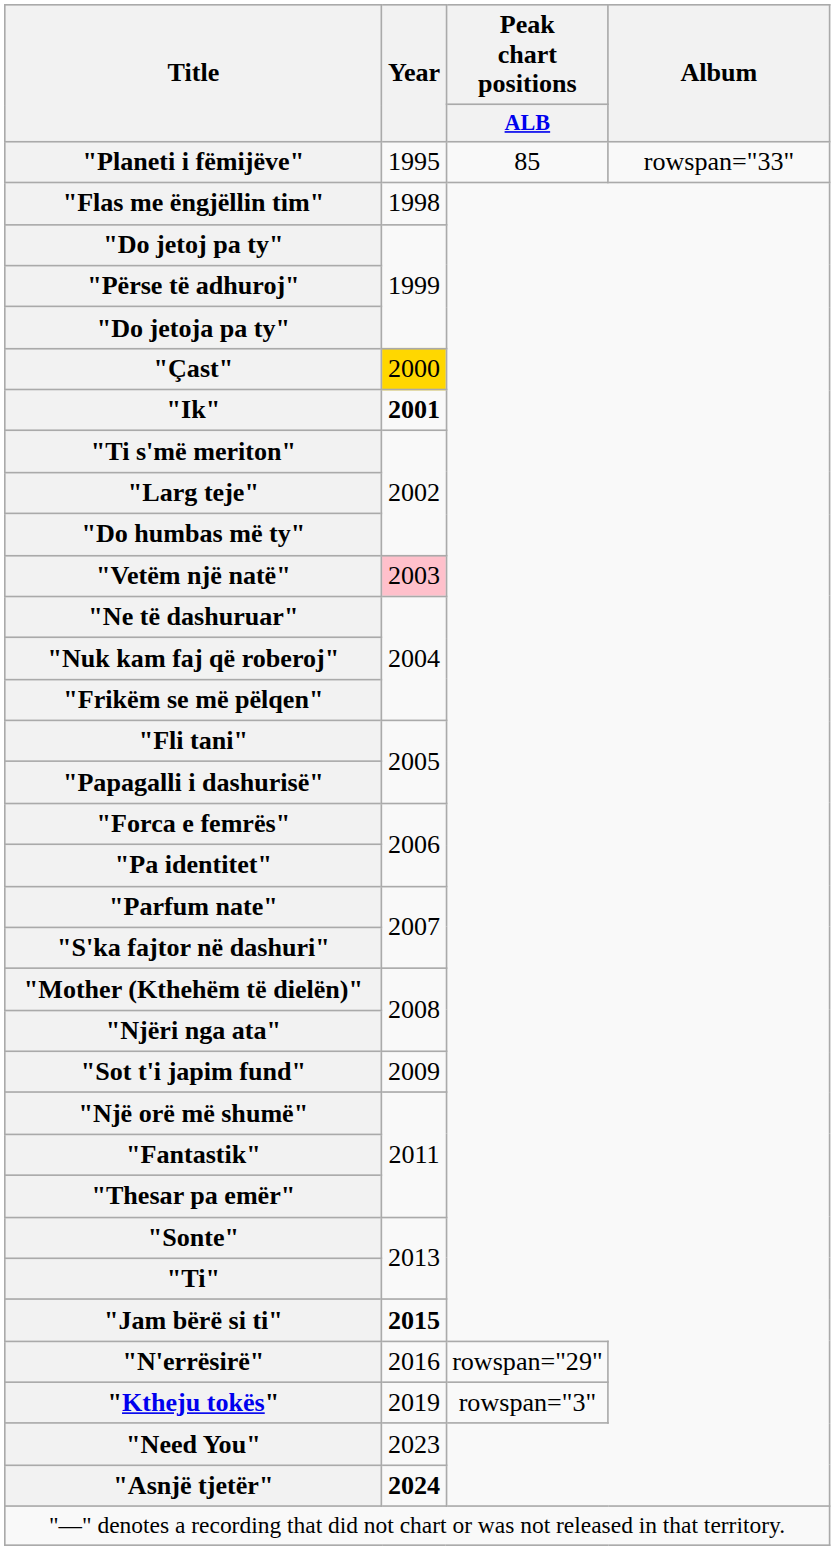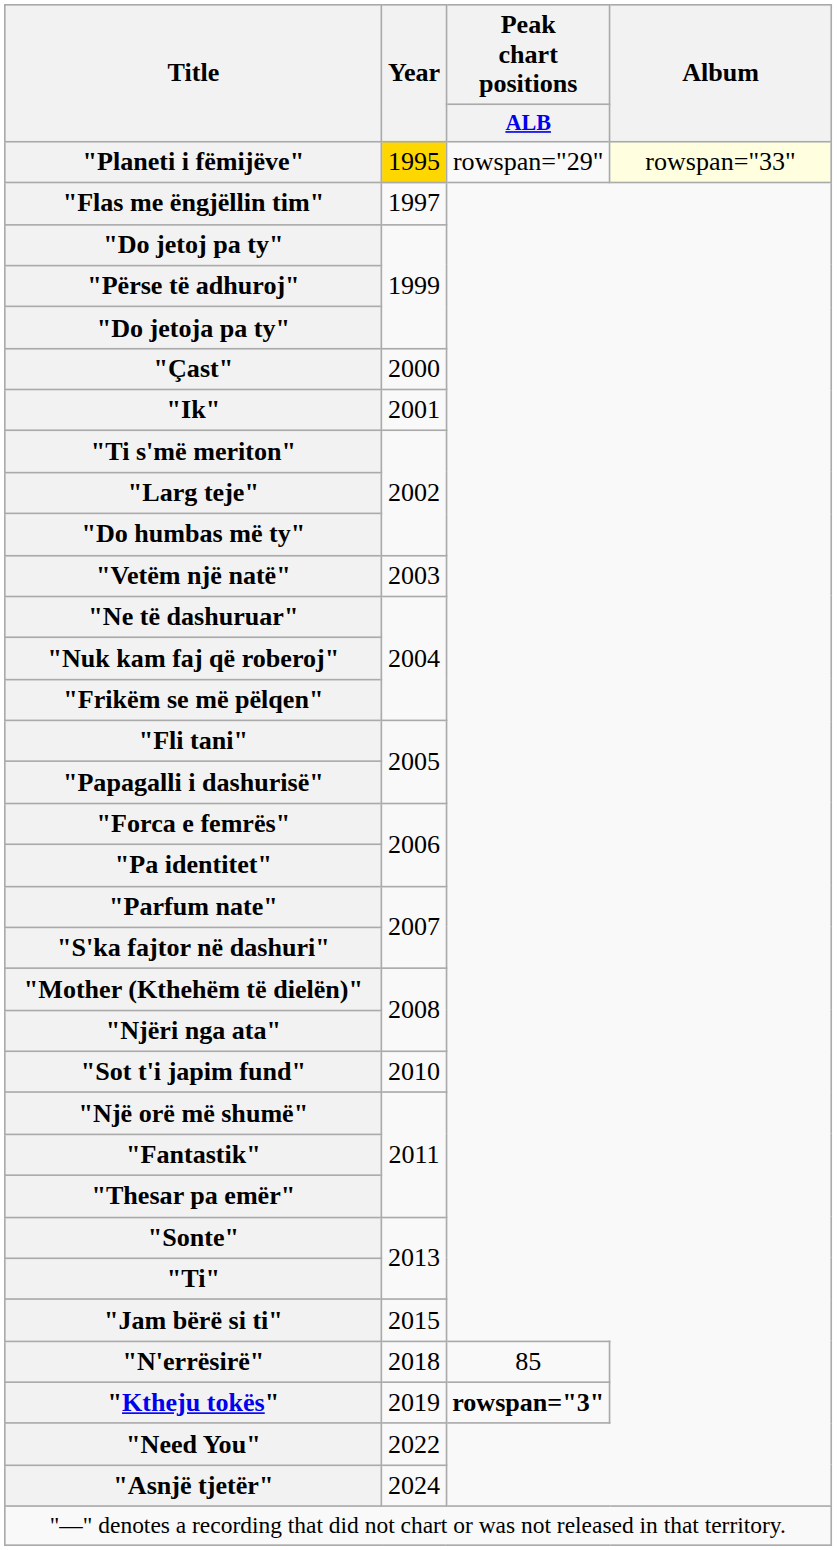 <table class="wikitable plainrowheaders" style="text-align:center;">
 <tr>
 <th scope="col" rowspan="2" style="width:14em;">Title</th>
 <th scope="col" rowspan="2" style="width:2em;">Year</th>
 <th scope="col" colspan="1">Peak<br>chart<br>positions</th>
 <th scope="col" rowspan="2" style="width:8em;">Album</th>
 </tr>
 <tr>
 <th scope="col" style="width:3em;font-size:85%;"><a href='#'>ALB</a><br></th>
 </tr>
 <tr>
 <th scope="row">"Planeti i fëmijëve"<br></th>
-<td>1995</td>
-<td>85</td>
-<td>rowspan="33" </td>
+<td style="background: gold;">1995</td>
+<td>rowspan="29" </td>
+<td style="background: lightyellow;">rowspan="33" </td>
 </tr>
 <tr>
 <th scope="row">"Flas me ëngjëllin tim"<br></th>
-<td>1998</td>
+<td>1997</td>
 </tr>
 <tr>
 <th scope="row">"Do jetoj pa ty"</th>
 <td rowspan="3">1999</td>
 </tr>
 <tr>
 <th scope="row">"Përse të adhuroj"</th>
 </tr>
 <tr>
 <th scope="row">"Do jetoja pa ty"</th>
 </tr>
 <tr>
 <th scope="row">"Çast"</th>
-<td style="background: gold;">2000</td>
+<td>2000</td>
 </tr>
 <tr>
 <th scope="row">"Ik"</th>
-<td><strong>2001</strong></td>
+<td>2001</td>
 </tr>
 <tr>
 <th scope="row">"Ti s'më meriton"</th>
 <td rowspan="3">2002</td>
 </tr>
 <tr>
 <th scope="row">"Larg teje"</th>
 </tr>
 <tr>
 <th scope="row">"Do humbas më ty"</th>
 </tr>
 <tr>
 <th scope="row">"Vetëm një natë"</th>
-<td style="background: pink;">2003</td>
+<td>2003</td>
 </tr>
 <tr>
 <th scope="row">"Ne të dashuruar"</th>
 <td rowspan="3">2004</td>
 </tr>
 <tr>
 <th scope="row">"Nuk kam faj që roberoj"</th>
 </tr>
 <tr>
 <th scope="row">"Frikëm se më pëlqen"</th>
 </tr>
 <tr>
 <th scope="row">"Fli tani"</th>
 <td rowspan="2">2005</td>
 </tr>
 <tr>
 <th scope="row">"Papagalli i dashurisë"</th>
 </tr>
 <tr>
 <th scope="row">"Forca e femrës"<br></th>
 <td rowspan="2">2006</td>
 </tr>
 <tr>
 <th scope="row">"Pa identitet"</th>
 </tr>
 <tr>
 <th scope="row">"Parfum nate"</th>
 <td rowspan="2">2007</td>
 </tr>
 <tr>
 <th scope="row">"S'ka fajtor në dashuri"</th>
 </tr>
 <tr>
 <th scope="row">"Mother (Kthehëm të dielën)"<br></th>
 <td rowspan="2">2008</td>
 </tr>
 <tr>
 <th scope="row">"Njëri nga ata"</th>
 </tr>
 <tr>
 <th scope="row">"Sot t'i japim fund"<br></th>
-<td>2009</td>
+<td>2010</td>
 </tr>
 <tr>
 <th scope="row">"Një orë më shumë"</th>
 <td rowspan="3">2011</td>
 </tr>
 <tr>
 <th scope="row">"Fantastik"</th>
 </tr>
 <tr>
 <th scope="row">"Thesar pa emër"</th>
 </tr>
 <tr>
 <th scope="row">"Sonte"<br></th>
 <td rowspan="2">2013</td>
 </tr>
 <tr>
 <th scope="row">"Ti"</th>
 </tr>
 <tr>
 <th scope="row">"Jam bërë si ti"</th>
-<td><strong>2015</strong></td>
+<td>2015</td>
 </tr>
 <tr>
 <th scope="row">"N'errësirë"</th>
-<td>2016</td>
-<td>rowspan="29" </td>
+<td>2018</td>
+<td>85</td>
 </tr>
 <tr>
 <th scope="row">"<a href='#'>Ktheju tokës</a>"</th>
 <td>2019</td>
-<td>rowspan="3" </td>
+<td><strong>rowspan="3" </strong></td>
 </tr>
 <tr>
 <th scope="row">"Need You"<br></th>
-<td>2023</td>
+<td>2022</td>
 </tr>
 <tr>
 <th scope="row">"Asnjë tjetër"</th>
-<td><strong>2024</strong></td>
+<td>2024</td>
 </tr>
 <tr>
 <td colspan="11" style="font-size:90%">"—" denotes a recording that did not chart or was not released in that territory.</td>
 </tr>
 </table>
